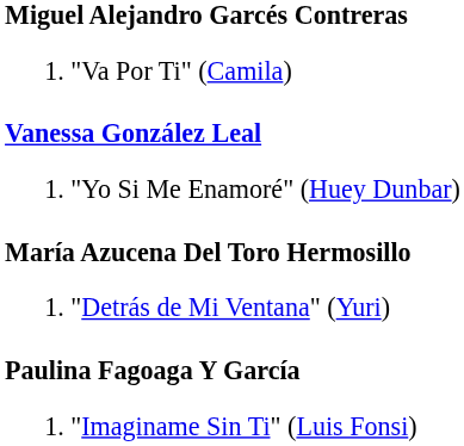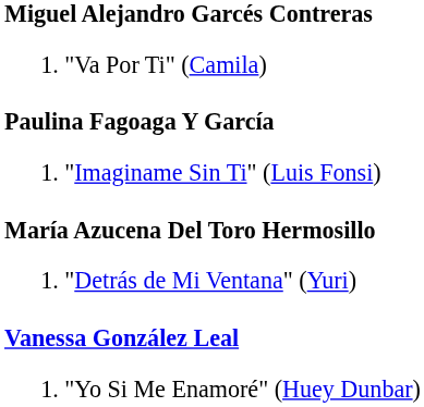 <table border="0" cellpadding="0" cellspacing="4" style="margin:0 1em 1em 0; text-align:left;">
 <tr>
 <td valign="top"></td>
 <td valign="top"><strong>Miguel Alejandro Garcés Contreras</strong><br><ol><li>"Va Por Ti" (<a href='#'>Camila</a>)</li></ol></td>
 </tr>
 <tr>
 <td valign="top"></td>
-<td valign="top"><strong><a href='#'>Vanessa González Leal</a></strong><br><ol><li>"Yo Si Me Enamoré" (<a href='#'>Huey Dunbar</a>)</li></ol></td>
+<td valign="top"><strong>Paulina Fagoaga Y García</strong><br><ol><li>"<a href='#'>Imaginame Sin Ti</a>" (<a href='#'>Luis Fonsi</a>)</li></ol></td>
 </tr>
 <tr>
 <td valign="top"></td>
 <td valign="top"><strong>María Azucena Del Toro Hermosillo</strong><br><ol><li>"<a href='#'>Detrás de Mi Ventana</a>" (<a href='#'>Yuri</a>)</li></ol></td>
 </tr>
 <tr>
 <td valign="top"></td>
-<td valign="top"><strong>Paulina Fagoaga Y García</strong><br><ol><li>"<a href='#'>Imaginame Sin Ti</a>" (<a href='#'>Luis Fonsi</a>)</li></ol></td>
+<td valign="top"><strong><a href='#'>Vanessa González Leal</a></strong><br><ol><li>"Yo Si Me Enamoré" (<a href='#'>Huey Dunbar</a>)</li></ol></td>
 </tr>
 </table>
